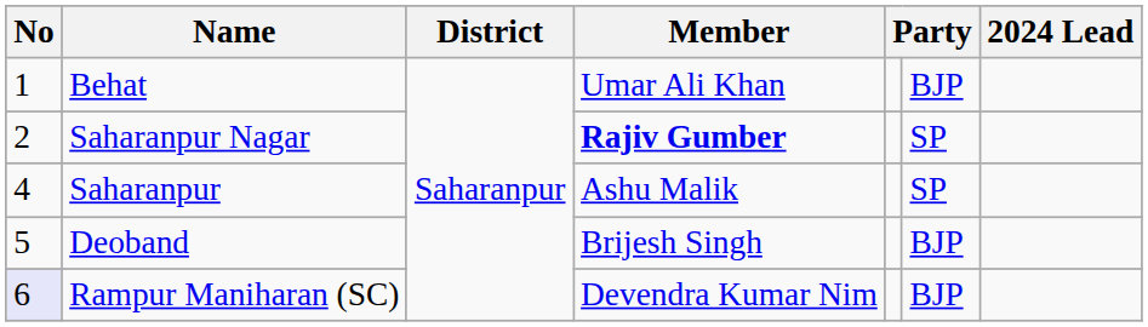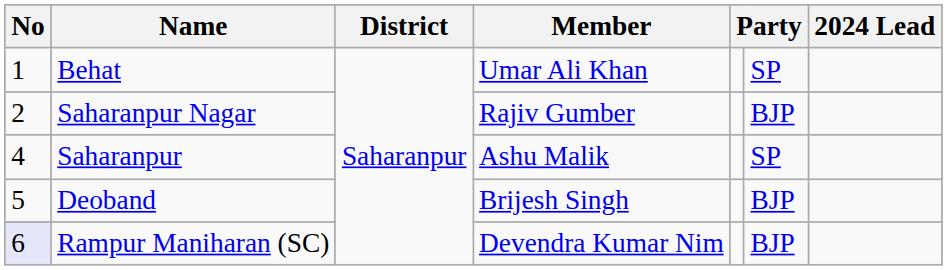 <table class="wikitable">
 <tr>
 <th>No</th>
 <th>Name</th>
 <th>District</th>
 <th>Member</th>
 <th colspan="2">Party</th>
 <th colspan="2">2024 Lead</th>
 </tr>
 <tr>
 <td>1</td>
 <td><a href='#'>Behat</a></td>
 <td rowspan="5"><a href='#'>Saharanpur</a></td>
 <td><a href='#'>Umar Ali Khan</a></td>
 <td style="background-color:"></td>
-<td><a href='#'>BJP</a></td>
+<td><a href='#'>SP</a></td>
 <td></td>
 </tr>
 <tr>
 <td>2</td>
 <td><a href='#'>Saharanpur Nagar</a></td>
-<td><strong><a href='#'>Rajiv Gumber</a></strong></td>
+<td><a href='#'>Rajiv Gumber</a></td>
 <td style="background-color:"></td>
-<td><a href='#'>SP</a></td>
+<td><a href='#'>BJP</a></td>
 <td></td>
 </tr>
 <tr>
 <td>4</td>
 <td><a href='#'>Saharanpur</a></td>
 <td><a href='#'>Ashu Malik</a></td>
 <td style="background-color:"></td>
 <td><a href='#'>SP</a></td>
 <td></td>
 </tr>
 <tr>
 <td>5</td>
 <td><a href='#'>Deoband</a></td>
 <td><a href='#'>Brijesh Singh</a></td>
 <td style="background-color:"></td>
 <td><a href='#'>BJP</a></td>
 <td></td>
 </tr>
 <tr>
 <td style="background: lavender;">6</td>
 <td><a href='#'>Rampur Maniharan</a> (SC)</td>
 <td><a href='#'>Devendra Kumar Nim</a></td>
 <td style="background-color:"></td>
 <td><a href='#'>BJP</a></td>
 <td></td>
 </tr>
 </table>
